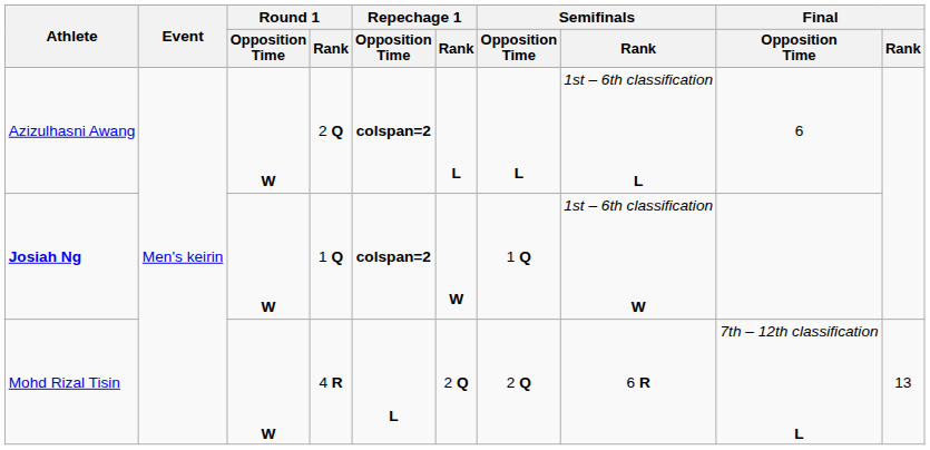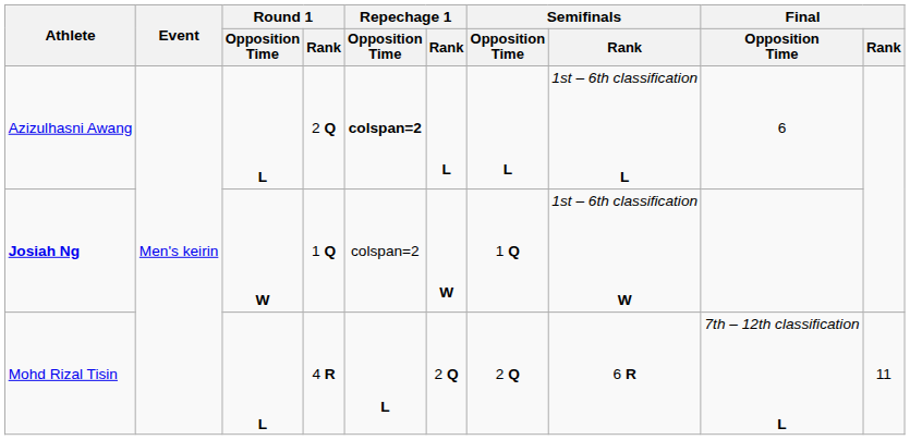 <table class="wikitable" style="font-size:90%;">
 <tr>
 <th rowspan=2>Athlete</th>
 <th rowspan=2>Event</th>
 <th colspan=2>Round 1</th>
 <th colspan=2>Repechage 1</th>
 <th colspan=2>Semifinals</th>
 <th colspan=2>Final</th>
 </tr>
 <tr style="font-size:95%">
 <th>Opposition<br>Time</th>
 <th>Rank</th>
 <th>Opposition<br>Time</th>
 <th>Rank</th>
 <th>Opposition<br>Time</th>
 <th>Rank</th>
 <th>Opposition<br>Time</th>
 <th>Rank</th>
 </tr>
 <tr align=center>
 <td align=left><a href='#'>Azizulhasni Awang</a></td>
 <td align=left rowspan=3><a href='#'>Men's keirin</a></td>
-<td><br><br><br><br><br><br><strong>W</strong></td>
+<td><br><br><br><br><br><br><strong>L</strong></td>
 <td>2 <strong>Q</strong></td>
 <td><strong>colspan=2 </strong></td>
 <td><br><br><br><br><br><strong>L</strong></td>
 <td><br><br><br><br><br><strong>L</strong></td>
 <td><em>1st – 6th classification</em><br><br><br><br><br><br><strong>L</strong> </td>
 <td>6</td>
 </tr>
 <tr align=center>
 <td align=left><strong><a href='#'>Josiah Ng</a></strong></td>
 <td><br><br><br><br><br><br><strong>W</strong></td>
 <td>1 <strong>Q</strong></td>
-<td><strong>colspan=2 </strong></td>
+<td>colspan=2 </td>
 <td><br><br><br><br><br><strong>W</strong></td>
 <td>1 <strong>Q</strong></td>
 <td><em>1st – 6th classification</em><br><br><br><br><br><br><strong>W</strong></td>
 <td></td>
 </tr>
 <tr align=center>
 <td align=left><a href='#'>Mohd Rizal Tisin</a></td>
-<td><br><br><br><br><br><br><strong>W</strong></td>
+<td><br><br><br><br><br><br><strong>L</strong></td>
 <td>4 <strong>R</strong></td>
 <td><br><br><br><br><strong>L</strong></td>
 <td>2 <strong>Q</strong></td>
 <td>2 <strong>Q</strong></td>
 <td>6 <strong>R</strong></td>
 <td><em>7th – 12th classification</em><br><br><br><br><br><br><strong>L</strong></td>
-<td>13</td>
+<td>11</td>
 </tr>
 </table>
